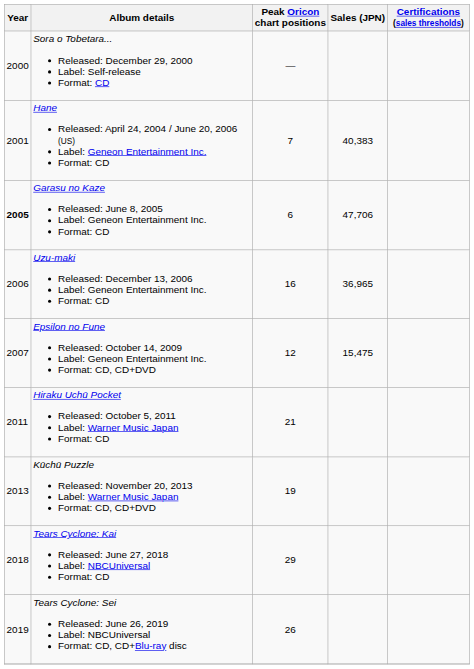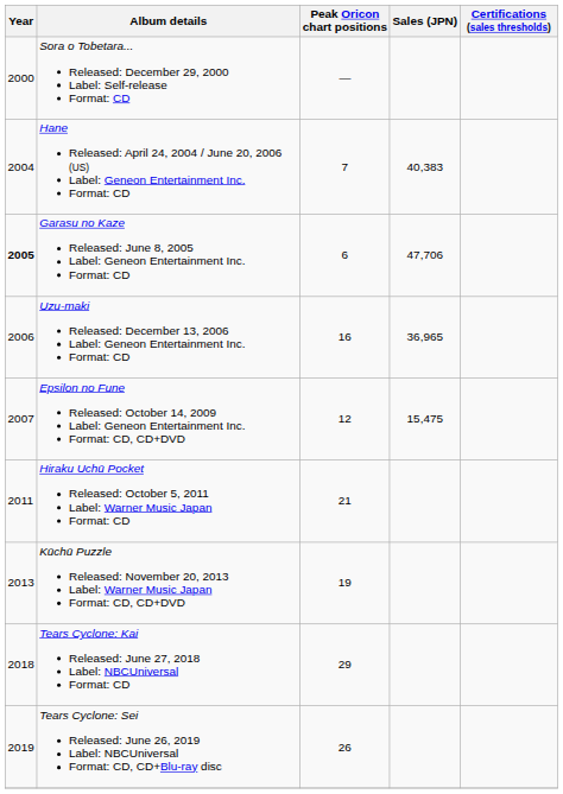 <table class="wikitable" border="1">
 <tr>
 <th rowspan="1">Year</th>
 <th rowspan="1" width="350">Album details</th>
 <th colspan="1">Peak <a href='#'>Oricon</a><br> chart positions</th>
 <th colspan="1">Sales (JPN)</th>
 <th rowspan="1" width="125"><a href='#'>Certifications</a><br><small>(<a href='#'>sales thresholds</a>)</small></th>
 </tr>
 <tr>
 <td>2000</td>
 <td align="left"><em>Sora o Tobetara...</em><br><ul><li>Released: December 29, 2000</li><li>Label: Self-release</li><li>Format: <a href='#'>CD</a></li></ul></td>
 <td align="center">—</td>
 <td align="center"></td>
 <td></td>
 </tr>
 <tr>
-<td>2001</td>
+<td>2004</td>
 <td align="left"><em><a href='#'>Hane</a></em><br><ul><li>Released: April 24, 2004 / June 20, 2006 <small>(US)</small></li><li>Label: <a href='#'>Geneon Entertainment Inc.</a></li><li>Format: CD</li></ul></td>
 <td align="center">7</td>
 <td align="center">40,383</td>
 <td></td>
 </tr>
 <tr>
 <td><strong>2005</strong></td>
 <td align="left"><em><a href='#'>Garasu no Kaze</a></em><br><ul><li>Released: June 8, 2005</li><li>Label: Geneon Entertainment Inc.</li><li>Format: CD</li></ul></td>
 <td align="center">6</td>
 <td align="center">47,706</td>
 <td></td>
 </tr>
 <tr>
 <td>2006</td>
 <td align="left"><em><a href='#'>Uzu-maki</a></em><br><ul><li>Released: December 13, 2006</li><li>Label: Geneon Entertainment Inc.</li><li>Format: CD</li></ul></td>
 <td align="center">16</td>
 <td align="center">36,965</td>
 <td></td>
 </tr>
 <tr>
 <td>2007</td>
 <td align="left"><em><a href='#'>Epsilon no Fune</a></em><br><ul><li>Released: October 14, 2009</li><li>Label: Geneon Entertainment Inc.</li><li>Format: CD, CD+DVD</li></ul></td>
 <td align="center">12</td>
 <td align="center">15,475</td>
 <td></td>
 </tr>
 <tr>
 <td>2011</td>
 <td align="left"><em><a href='#'>Hiraku Uchū Pocket</a></em><br><ul><li>Released: October 5, 2011</li><li>Label: <a href='#'>Warner Music Japan</a></li><li>Format: CD</li></ul></td>
 <td align="center">21</td>
 <td align="center"></td>
 <td></td>
 </tr>
 <tr>
 <td>2013</td>
 <td align="left"><em>Kūchū Puzzle</em><br><ul><li>Released: November 20, 2013</li><li>Label: <a href='#'>Warner Music Japan</a></li><li>Format: CD, CD+DVD</li></ul></td>
 <td align="center">19</td>
 <td align="center"></td>
 <td></td>
 </tr>
 <tr>
 <td>2018</td>
 <td align="left"><em><a href='#'>Tears Cyclone: Kai</a></em><br><ul><li>Released: June 27, 2018</li><li>Label: <a href='#'>NBCUniversal</a></li><li>Format: CD</li></ul></td>
 <td align="center">29</td>
 <td align="center"></td>
 <td></td>
 </tr>
 <tr>
 <td>2019</td>
 <td align="left"><em>Tears Cyclone: Sei</em><br><ul><li>Released: June 26, 2019</li><li>Label: NBCUniversal</li><li>Format: CD, CD+<a href='#'>Blu-ray</a> disc</li></ul></td>
 <td align="center">26</td>
 <td align="center"></td>
 <td></td>
 </tr>
 <tr>
 </tr>
 </table>
